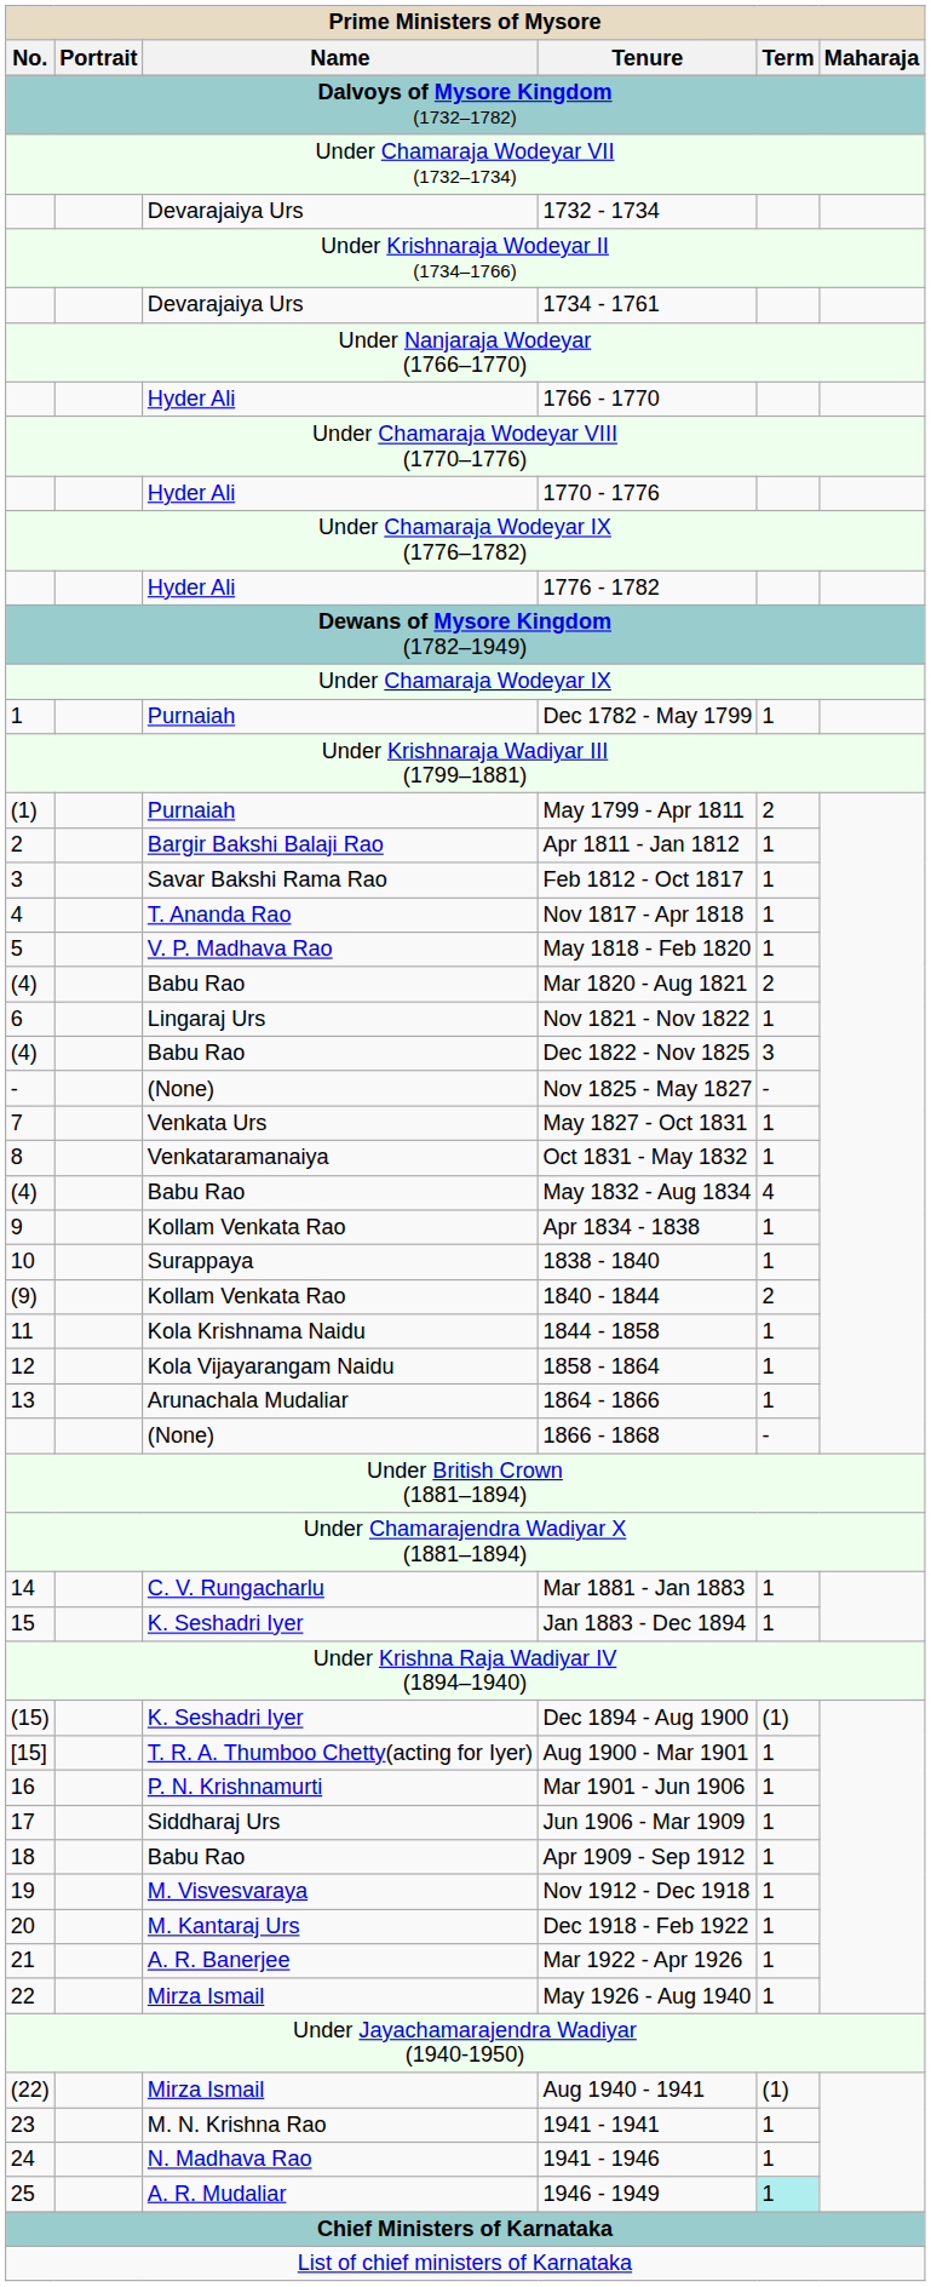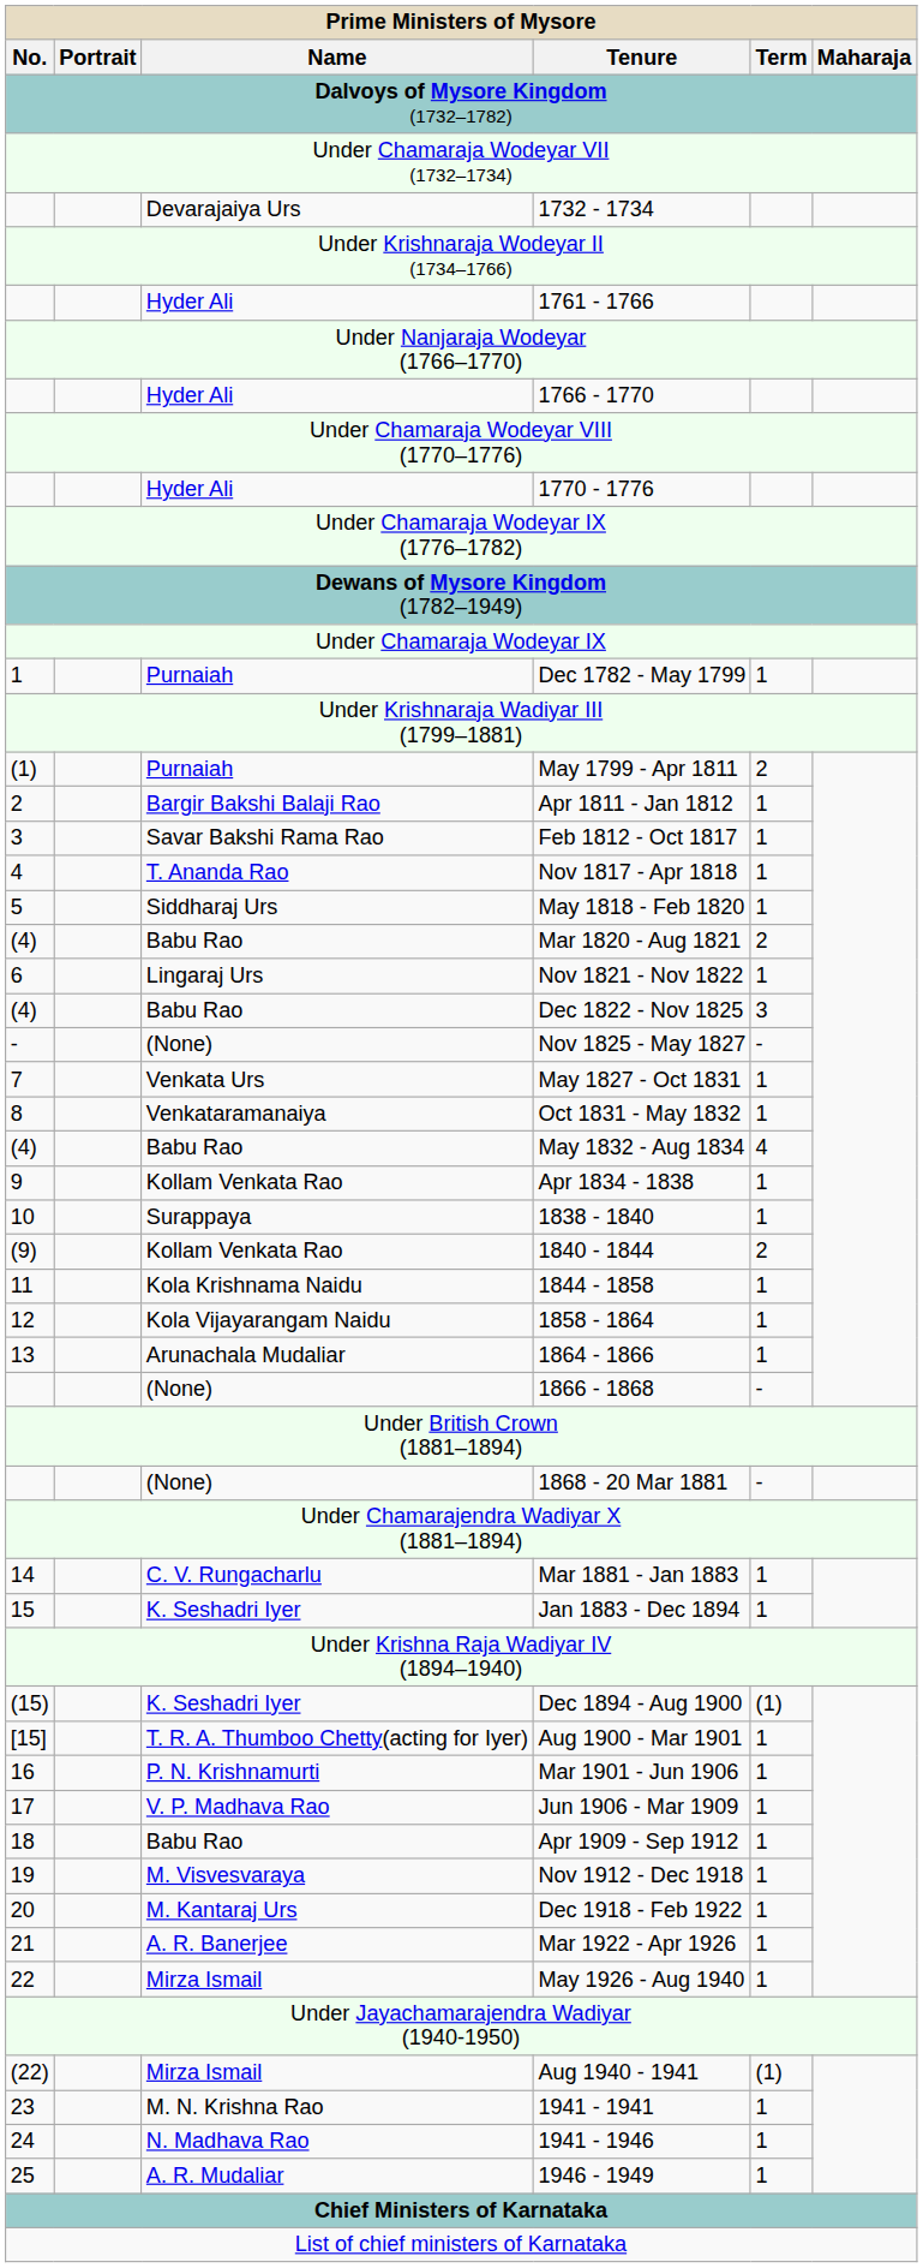 <table class="wikitable" style="font-family: arial;">
 <tr>
 <th colspan="6" style="text-align:center;background-color:#e7dcc3;"><strong>Prime Ministers of Mysore</strong></th>
 </tr>
 <tr>
 <th>No.</th>
 <th>Portrait</th>
 <th>Name</th>
 <th>Tenure</th>
 <th>Term</th>
 <th>Maharaja</th>
 </tr>
 <tr>
 <td colspan="6" style="text-align:center;background-color:#99CCCC;"><strong>Dalvoys of <a href='#'>Mysore Kingdom</a></strong><br><span><small>(1732–1782)</small></span></td>
 </tr>
 <tr>
 <td colspan="6" style="text-align:center;background-color:#EFE;">Under <a href='#'>Chamaraja Wodeyar VII</a><br><small>(1732–1734)</small></td>
 </tr>
 <tr>
 <td></td>
 <td></td>
 <td>Devarajaiya Urs</td>
 <td>1732 - 1734</td>
 <td></td>
 <td></td>
 </tr>
 <tr>
 <td colspan="6" style="text-align:center;background-color:#EFE;">Under <a href='#'>Krishnaraja Wodeyar II</a><br><small>(1734–1766)</small></td>
 </tr>
 <tr>
 <td></td>
 <td></td>
-<td>Devarajaiya Urs</td>
-<td>1734 - 1761</td>
+<td><a href='#'>Hyder Ali</a></td>
+<td>1761 - 1766</td>
 <td></td>
 <td></td>
 </tr>
 <tr>
 <td colspan="6" style="text-align:center;background-color:#EFE;">Under <a href='#'>Nanjaraja Wodeyar</a><br>(1766–1770)</td>
 </tr>
 <tr>
 <td></td>
 <td></td>
 <td><a href='#'>Hyder Ali</a></td>
 <td>1766 - 1770</td>
 <td></td>
 <td></td>
 </tr>
 <tr>
 <td colspan="6" style="text-align:center;background-color:#EFE;">Under <a href='#'>Chamaraja Wodeyar VIII</a><br>(1770–1776)</td>
 </tr>
 <tr>
 <td></td>
 <td></td>
 <td><a href='#'>Hyder Ali</a></td>
 <td>1770 - 1776</td>
 <td></td>
 <td></td>
 </tr>
 <tr>
 <td colspan="6" style="text-align:center;background-color:#EFE;">Under <a href='#'>Chamaraja Wodeyar IX</a><br>(1776–1782)</td>
-</tr>
-<tr>
-<td></td>
-<td></td>
-<td><a href='#'>Hyder Ali</a></td>
-<td>1776 - 1782</td>
-<td></td>
-<td></td>
 </tr>
 <tr>
 <td colspan="6" style="text-align:center;background-color:#99CCCC;"><strong>Dewans of <a href='#'>Mysore Kingdom</a></strong><br><span>(1782–1949)</span></td>
 </tr>
 <tr>
 <td colspan="6" style="text-align:center;background-color:#EFE;">Under <a href='#'>Chamaraja Wodeyar IX</a></td>
 </tr>
 <tr>
 <td>1</td>
 <td></td>
 <td><a href='#'>Purnaiah</a></td>
 <td>Dec 1782 - May 1799</td>
 <td>1</td>
 <td></td>
 </tr>
 <tr>
 <td colspan="6" style="text-align:center;background-color:#EFE;">Under <a href='#'>Krishnaraja Wadiyar III</a><br>(1799–1881)</td>
 </tr>
 <tr>
 <td>(1)</td>
 <td></td>
 <td><a href='#'>Purnaiah</a></td>
 <td>May 1799 - Apr 1811</td>
 <td>2</td>
 <td rowspan="19"></td>
 </tr>
 <tr>
 <td>2</td>
 <td></td>
 <td><a href='#'>Bargir Bakshi Balaji Rao</a></td>
 <td>Apr 1811 - Jan 1812</td>
 <td>1</td>
 </tr>
 <tr>
 <td>3</td>
 <td></td>
 <td>Savar Bakshi Rama Rao</td>
 <td>Feb 1812 - Oct 1817</td>
 <td>1</td>
 </tr>
 <tr>
 <td>4</td>
 <td></td>
 <td><a href='#'>T. Ananda Rao</a></td>
 <td>Nov 1817 - Apr 1818</td>
 <td>1</td>
 </tr>
 <tr>
 <td>5</td>
 <td></td>
-<td><a href='#'>V. P. Madhava Rao</a></td>
+<td>Siddharaj Urs</td>
 <td>May 1818 - Feb 1820</td>
 <td>1</td>
 </tr>
 <tr>
 <td>(4)</td>
 <td></td>
 <td>Babu Rao</td>
 <td>Mar 1820 - Aug 1821</td>
 <td>2</td>
 </tr>
 <tr>
 <td>6</td>
 <td></td>
 <td>Lingaraj Urs</td>
 <td>Nov 1821 - Nov 1822</td>
 <td>1</td>
 </tr>
 <tr>
 <td>(4)</td>
 <td></td>
 <td>Babu Rao</td>
 <td>Dec 1822 - Nov 1825</td>
 <td>3</td>
 </tr>
 <tr>
 <td>-</td>
 <td></td>
 <td>(None)</td>
 <td>Nov 1825 - May 1827</td>
 <td>-</td>
 </tr>
 <tr>
 <td>7</td>
 <td></td>
 <td>Venkata Urs</td>
 <td>May 1827 - Oct 1831</td>
 <td>1</td>
 </tr>
 <tr>
 <td>8</td>
 <td></td>
 <td>Venkataramanaiya</td>
 <td>Oct 1831 - May 1832</td>
 <td>1</td>
 </tr>
 <tr>
 <td>(4)</td>
 <td></td>
 <td>Babu Rao</td>
 <td>May 1832 - Aug 1834</td>
 <td>4</td>
 </tr>
 <tr>
 <td>9</td>
 <td></td>
 <td>Kollam Venkata Rao</td>
 <td>Apr 1834 - 1838</td>
 <td>1</td>
 </tr>
 <tr>
 <td>10</td>
 <td></td>
 <td>Surappaya</td>
 <td>1838 - 1840</td>
 <td>1</td>
 </tr>
 <tr>
 <td>(9)</td>
 <td></td>
 <td>Kollam Venkata Rao</td>
 <td>1840 - 1844</td>
 <td>2</td>
 </tr>
 <tr>
 <td>11</td>
 <td></td>
 <td>Kola Krishnama Naidu</td>
 <td>1844 - 1858</td>
 <td>1</td>
 </tr>
 <tr>
 <td>12</td>
 <td></td>
 <td>Kola Vijayarangam Naidu</td>
 <td>1858 - 1864</td>
 <td>1</td>
 </tr>
 <tr>
 <td>13</td>
 <td></td>
 <td>Arunachala Mudaliar</td>
 <td>1864 - 1866</td>
 <td>1</td>
 </tr>
 <tr>
 <td></td>
 <td></td>
 <td>(None)</td>
 <td>1866 - 1868</td>
 <td>-</td>
 </tr>
 <tr>
 <td colspan="6" style="text-align:center;background-color:#EFE;">Under <a href='#'>British Crown</a><br>(1881–1894)</td>
 </tr>
 <tr>
+<td></td>
+<td></td>
+<td>(None)</td>
+<td>1868 - 20 Mar 1881</td>
+<td>-</td>
+<td></td>
+</tr>
+<tr>
 <td colspan="6" style="text-align:center;background-color:#EFE;">Under <a href='#'>Chamarajendra Wadiyar X</a><br>(1881–1894)</td>
 </tr>
 <tr>
 <td>14</td>
 <td></td>
 <td><a href='#'>C. V. Rungacharlu</a></td>
 <td>Mar 1881 - Jan 1883</td>
 <td>1</td>
 <td rowspan="2"></td>
 </tr>
 <tr>
 <td>15</td>
 <td></td>
 <td><a href='#'>K. Seshadri Iyer</a></td>
 <td>Jan 1883 - Dec 1894</td>
 <td>1</td>
 </tr>
 <tr>
 <td colspan="6" style="text-align:center;background-color:#EFE;">Under <a href='#'>Krishna Raja Wadiyar IV</a><br>(1894–1940)</td>
 </tr>
 <tr>
 <td>(15)</td>
 <td></td>
 <td><a href='#'>K. Seshadri Iyer</a></td>
 <td>Dec 1894 - Aug 1900</td>
 <td>(1)</td>
 <td rowspan="9"></td>
 </tr>
 <tr>
 <td>[15]</td>
 <td></td>
 <td><a href='#'>T. R. A. Thumboo Chetty</a>(acting for Iyer)</td>
 <td>Aug 1900 - Mar 1901</td>
 <td>1</td>
 </tr>
 <tr>
 <td>16</td>
 <td></td>
 <td><a href='#'>P. N. Krishnamurti</a></td>
 <td>Mar 1901 - Jun 1906</td>
 <td>1</td>
 </tr>
 <tr>
 <td>17</td>
 <td></td>
-<td>Siddharaj Urs</td>
+<td><a href='#'>V. P. Madhava Rao</a></td>
 <td>Jun 1906 - Mar 1909</td>
 <td>1</td>
 </tr>
 <tr>
 <td>18</td>
 <td></td>
 <td>Babu Rao</td>
 <td>Apr 1909 - Sep 1912</td>
 <td>1</td>
 </tr>
 <tr>
 <td>19</td>
 <td></td>
 <td><a href='#'>M. Visvesvaraya</a></td>
 <td>Nov 1912 - Dec 1918</td>
 <td>1</td>
 </tr>
 <tr>
 <td>20</td>
 <td></td>
 <td><a href='#'>M. Kantaraj Urs</a></td>
 <td>Dec 1918 - Feb 1922</td>
 <td>1</td>
 </tr>
 <tr>
 <td>21</td>
 <td></td>
 <td><a href='#'>A. R. Banerjee</a></td>
 <td>Mar 1922 - Apr 1926</td>
 <td>1</td>
 </tr>
 <tr>
 <td>22</td>
 <td></td>
 <td><a href='#'>Mirza Ismail</a></td>
 <td>May 1926 - Aug 1940</td>
 <td>1</td>
 </tr>
 <tr>
 <td colspan="6" style="text-align:center;background-color:#EFE;">Under <a href='#'>Jayachamarajendra Wadiyar</a><br>(1940-1950)</td>
 </tr>
 <tr>
 <td>(22)</td>
 <td></td>
 <td><a href='#'>Mirza Ismail</a></td>
 <td>Aug 1940 - 1941</td>
 <td>(1)</td>
 <td rowspan="4"></td>
 </tr>
 <tr>
 <td>23</td>
 <td></td>
 <td>M. N. Krishna Rao</td>
 <td>1941 - 1941</td>
 <td>1</td>
 </tr>
 <tr>
 <td>24</td>
 <td></td>
 <td><a href='#'>N. Madhava Rao</a></td>
 <td>1941 - 1946</td>
 <td>1</td>
 </tr>
 <tr>
 <td>25</td>
 <td></td>
 <td><a href='#'>A. R. Mudaliar</a></td>
 <td>1946 - 1949</td>
-<td style="background: paleturquoise;">1</td>
+<td>1</td>
 </tr>
 <tr>
 <td colspan="6" style="text-align:center;background-color:#99CCCC;"><strong>Chief Ministers of Karnataka</strong></td>
 </tr>
 <tr>
 <td colspan="6" style="text-align:center;"><a href='#'>List of chief ministers of Karnataka</a></td>
 </tr>
 </table>
